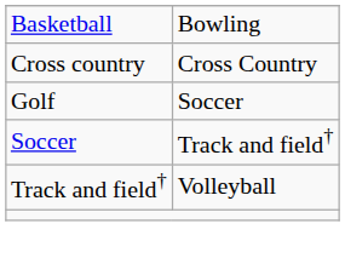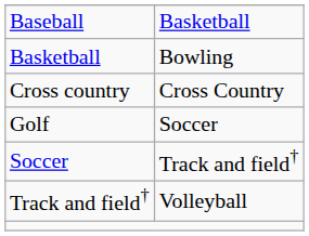 <table class="wikitable" style="float:right; clear:right; margin:0 0 1em 1em;">
 <tr>
+</tr>
+<tr>
+<td><a href='#'>Baseball</a></td>
+<td><a href='#'>Basketball</a></td>
 </tr>
 <tr>
 <td><a href='#'>Basketball</a></td>
 <td>Bowling</td>
 </tr>
 <tr>
 <td>Cross country</td>
 <td>Cross Country</td>
 </tr>
 <tr>
 <td>Golf</td>
 <td>Soccer</td>
 </tr>
 <tr>
 <td><a href='#'>Soccer</a></td>
 <td>Track and field<sup>†</sup></td>
 </tr>
 <tr>
 <td>Track and field<sup>†</sup></td>
 <td>Volleyball</td>
 </tr>
 <tr>
 <td colspan="2"></td>
 </tr>
 </table>
